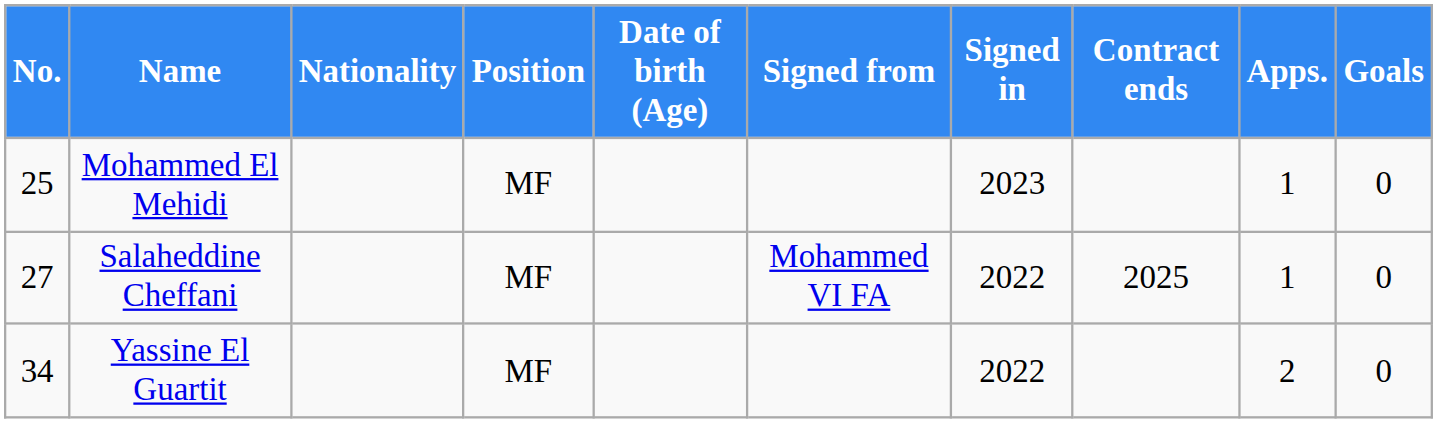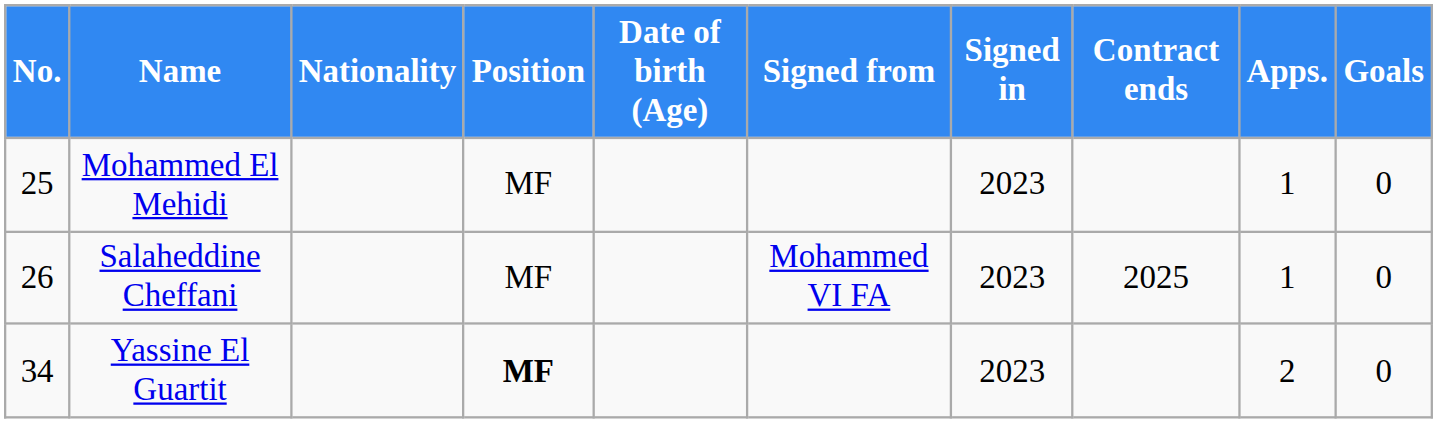 <table class="wikitable sortable"  style="text-align:center; font-size:90%; width:100%;">
 <tr>
 <th style="background:#3088f2; color:#ffffff; ">No.</th>
 <th style="background:#3088f2; color:#ffffff; ">Name</th>
 <th style="background:#3088f2; color:#ffffff; ">Nationality</th>
 <th style="background:#3088f2; color:#ffffff; ">Position</th>
 <th style="background:#3088f2; color:#ffffff; ">Date of birth (Age)</th>
 <th style="background:#3088f2; color:#ffffff; ">Signed from</th>
 <th style="background:#3088f2; color:#ffffff; ">Signed in</th>
 <th style="background:#3088f2; color:#ffffff; ">Contract ends</th>
 <th style="background:#3088f2; color:#ffffff; ">Apps.</th>
 <th style="background:#3088f2; color:#ffffff; ">Goals</th>
 </tr>
 <tr>
 <td>25</td>
 <td><a href='#'>Mohammed El Mehidi</a></td>
 <td></td>
 <td>MF</td>
 <td></td>
 <td></td>
 <td>2023</td>
 <td></td>
 <td>1</td>
 <td>0</td>
 </tr>
 <tr>
-<td>27</td>
+<td>26</td>
 <td><a href='#'>Salaheddine Cheffani</a></td>
 <td></td>
 <td>MF</td>
 <td></td>
 <td><a href='#'>Mohammed VI FA</a></td>
-<td>2022</td>
+<td>2023</td>
 <td>2025</td>
 <td>1</td>
 <td>0</td>
 </tr>
 <tr>
 <td>34</td>
 <td><a href='#'>Yassine El Guartit</a></td>
 <td></td>
-<td>MF</td>
+<td><strong>MF</strong></td>
 <td></td>
 <td></td>
-<td>2022</td>
+<td>2023</td>
 <td></td>
 <td>2</td>
 <td>0</td>
 </tr>
 </table>
